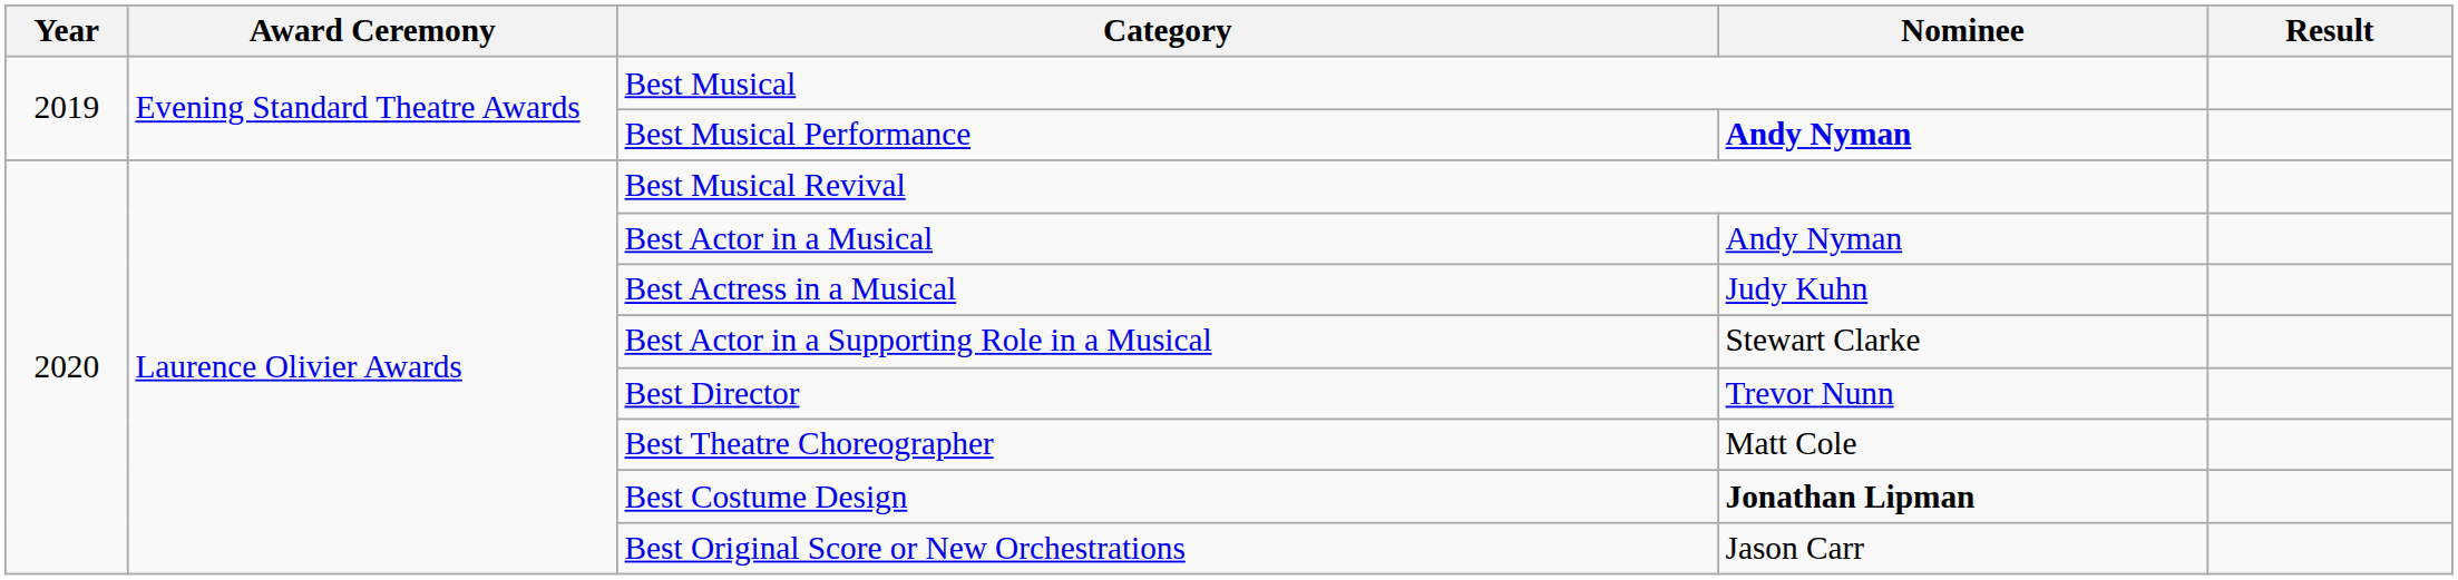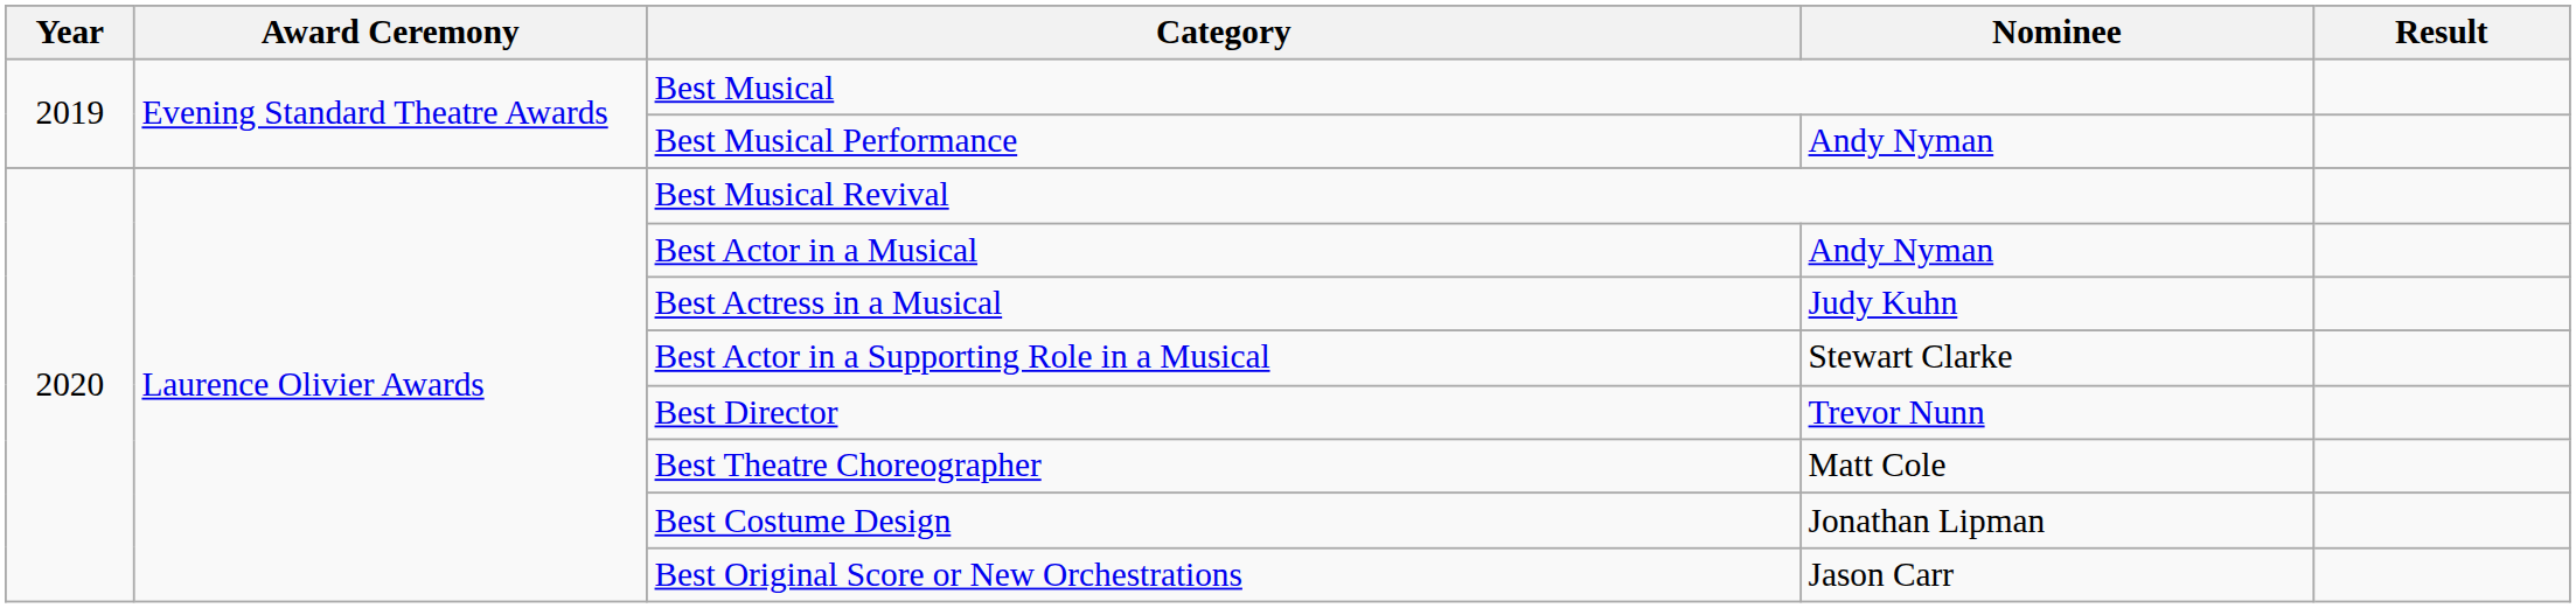 <table class="wikitable" width="95%">
 <tr>
 <th width="5%">Year</th>
 <th width="20%">Award Ceremony</th>
 <th width="45%">Category</th>
 <th width="20%">Nominee</th>
 <th width="10%">Result</th>
 </tr>
 <tr>
 <td rowspan="2" align="center">2019</td>
 <td rowspan="2"><a href='#'>Evening Standard Theatre Awards</a></td>
 <td colspan="2"><a href='#'>Best Musical</a></td>
 <td></td>
 </tr>
 <tr>
 <td><a href='#'>Best Musical Performance</a></td>
-<td><strong><a href='#'>Andy Nyman</a></strong></td>
+<td><a href='#'>Andy Nyman</a></td>
 <td></td>
 </tr>
 <tr>
 <td rowspan="8" align="center">2020</td>
 <td rowspan="8"><a href='#'>Laurence Olivier Awards</a></td>
 <td colspan="2"><a href='#'>Best Musical Revival</a></td>
 <td></td>
 </tr>
 <tr>
 <td><a href='#'>Best Actor in a Musical</a></td>
 <td><a href='#'>Andy Nyman</a></td>
 <td></td>
 </tr>
 <tr>
 <td><a href='#'>Best Actress in a Musical</a></td>
 <td><a href='#'>Judy Kuhn</a></td>
 <td></td>
 </tr>
 <tr>
 <td><a href='#'>Best Actor in a Supporting Role in a Musical</a></td>
 <td>Stewart Clarke</td>
 <td></td>
 </tr>
 <tr>
 <td><a href='#'>Best Director</a></td>
 <td><a href='#'>Trevor Nunn</a></td>
 <td></td>
 </tr>
 <tr>
 <td><a href='#'>Best Theatre Choreographer</a></td>
 <td>Matt Cole</td>
 <td></td>
 </tr>
 <tr>
 <td><a href='#'>Best Costume Design</a></td>
-<td><strong>Jonathan Lipman</strong></td>
+<td>Jonathan Lipman</td>
 <td></td>
 </tr>
 <tr>
 <td><a href='#'>Best Original Score or New Orchestrations</a></td>
 <td>Jason Carr</td>
 <td></td>
 </tr>
 </table>
